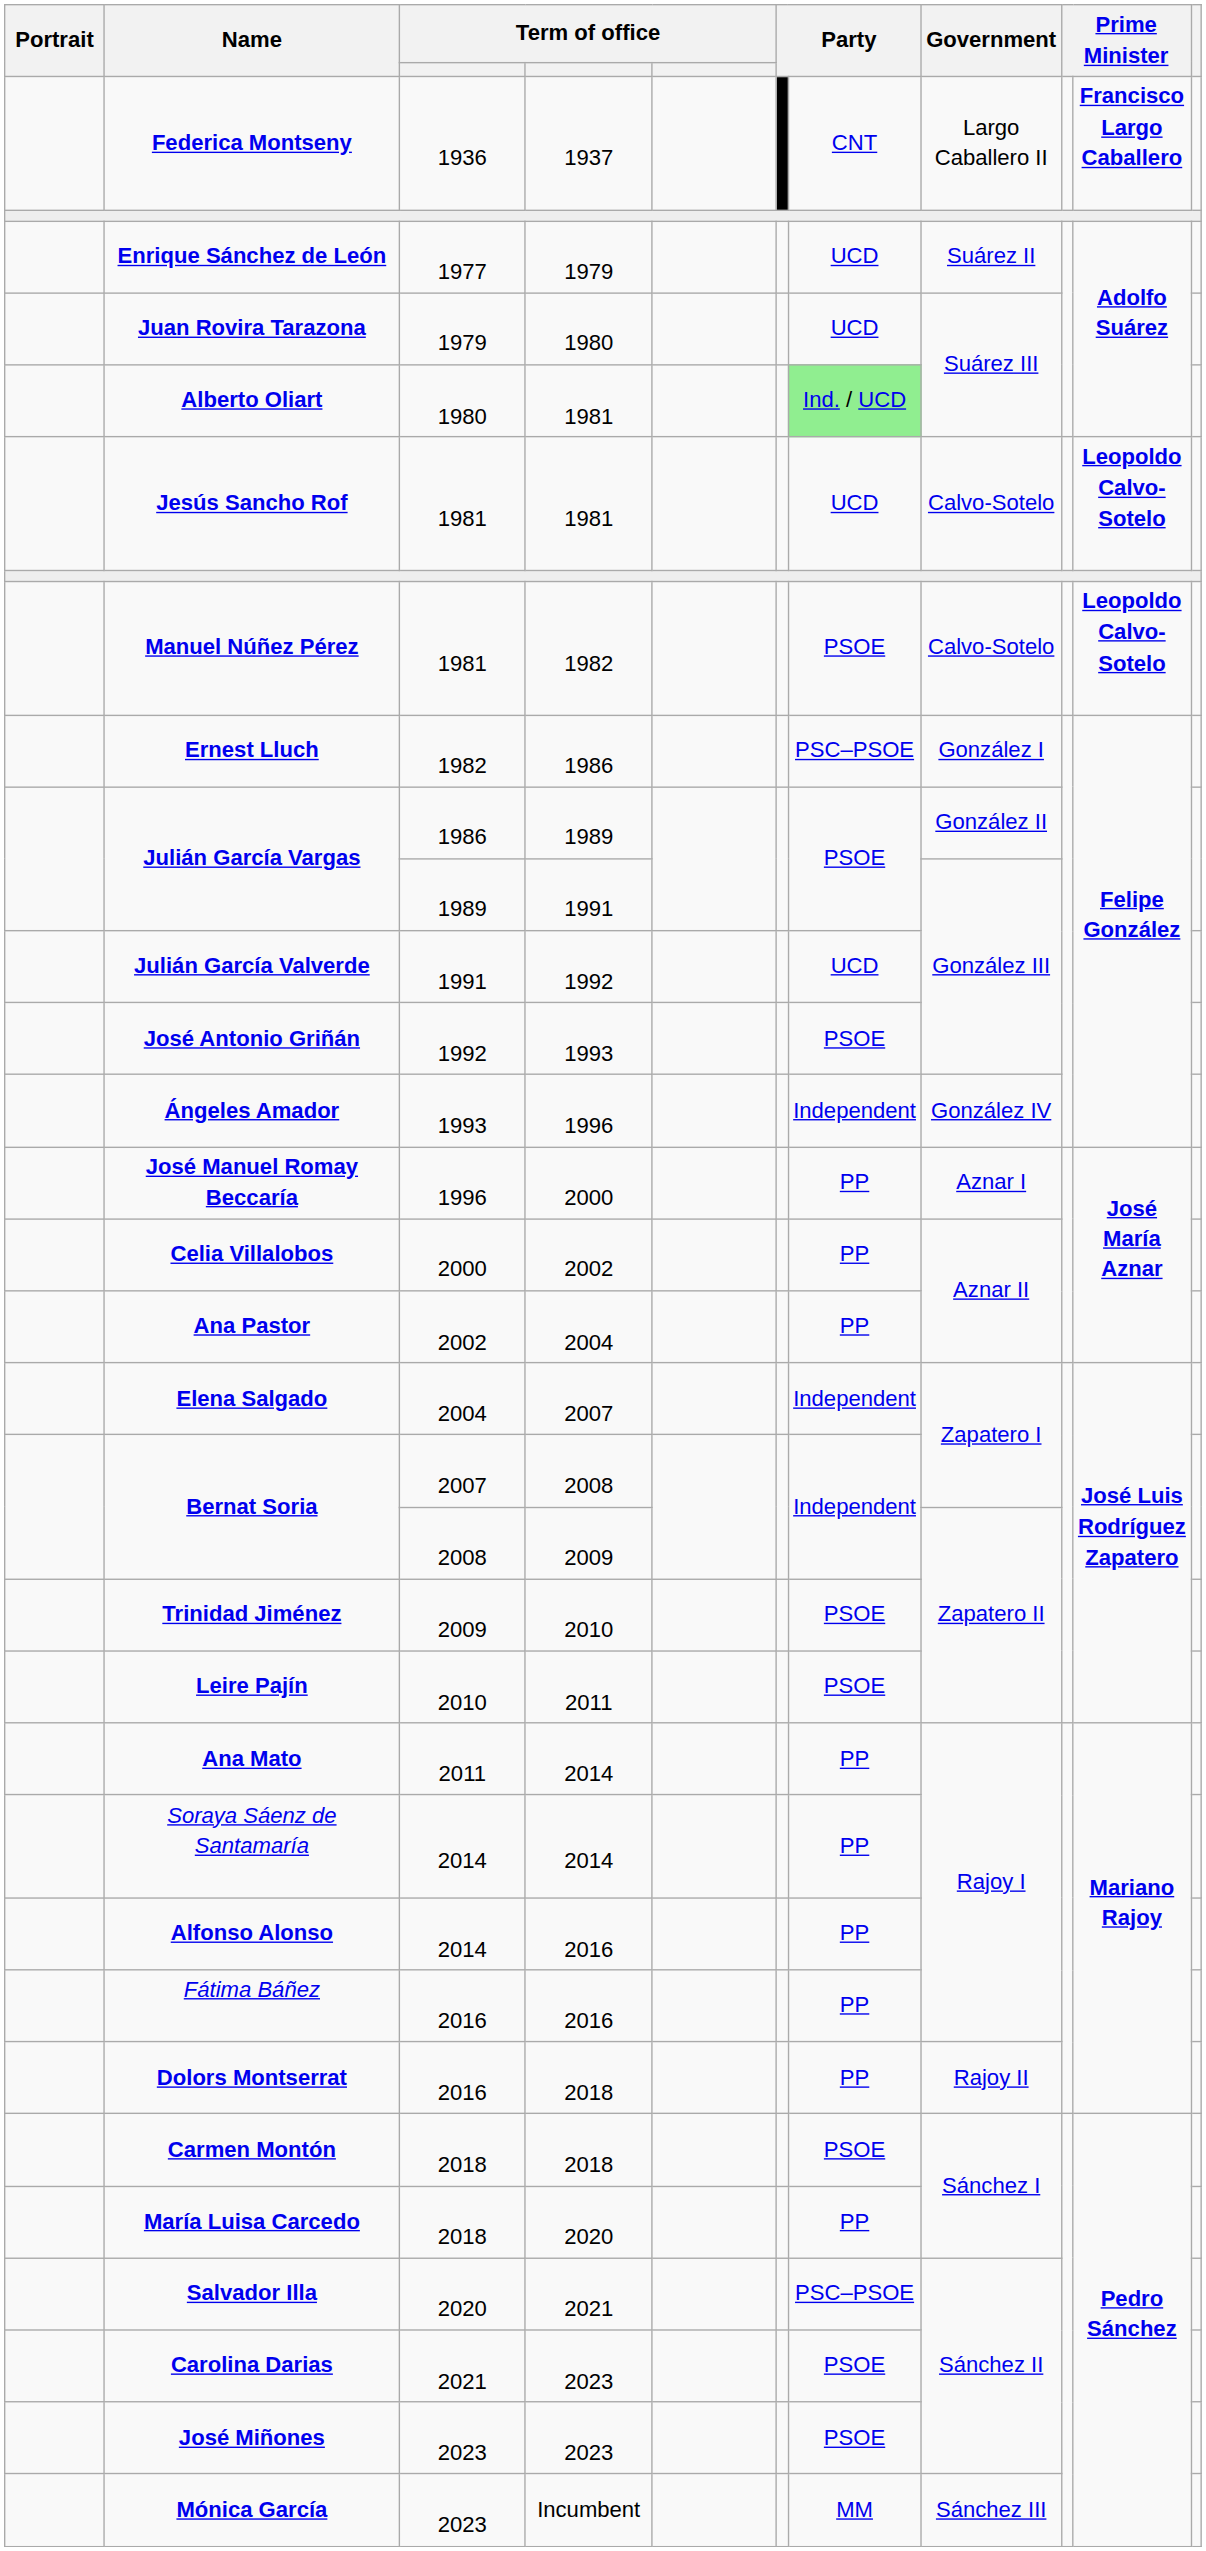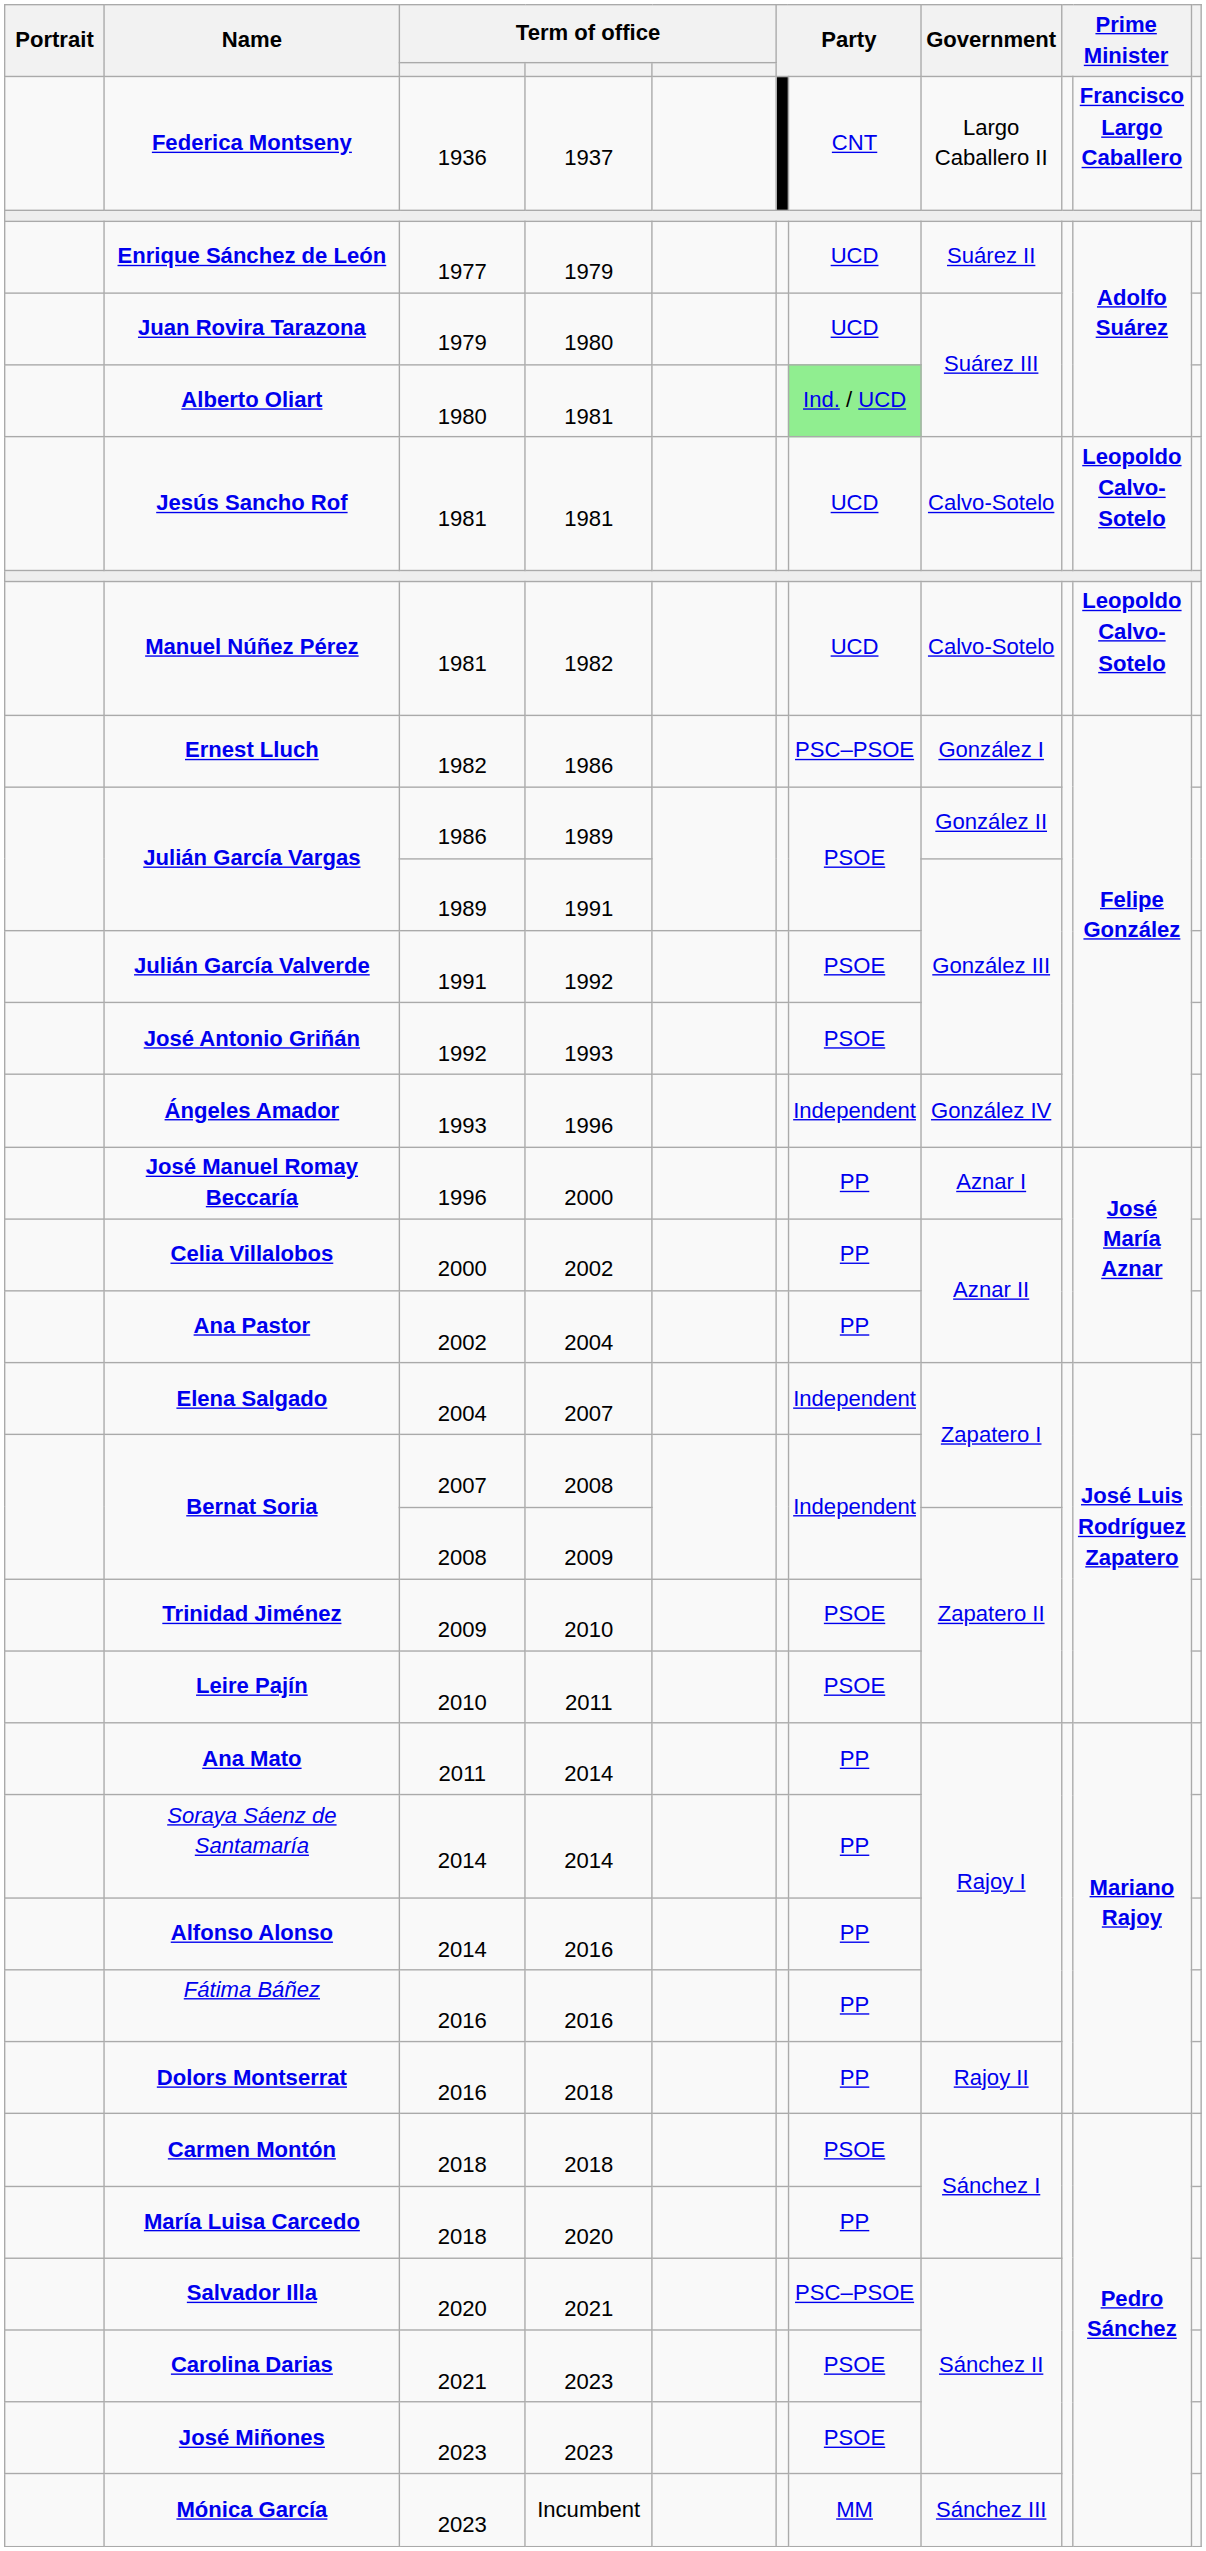 <table class="wikitable" style="line-height:1.4em; text-align:center; border:1px #aaf solid;">
 <tr>
 <th rowspan="2" width="65">Portrait</th>
 <th rowspan="2" width="210">Name<br></th>
 <th colspan="3">Term of office</th>
 <th rowspan="2" colspan="2" width="90">Party</th>
 <th rowspan="2">Government</th>
 <th rowspan="2" colspan="2"><a href='#'>Prime Minister</a><br></th>
 <th rowspan="2"></th>
 </tr>
 <tr>
 <th width="85"></th>
 <th width="85"></th>
 <th width="85"></th>
 </tr>
 <tr>
 <td></td>
 <td><strong><a href='#'>Federica Montseny</a></strong><br></td>
 <td class="nowrap"><br>1936</td>
 <td class="nowrap"><br>1937</td>
 <td style="font-size:95%;"></td>
 <td width="1" style="background:black;"></td>
 <td><a href='#'>CNT</a></td>
 <td>Largo Caballero II</td>
 <td width="1" style="color:inherit;background:"></td>
 <td><strong><a href='#'>Francisco<br>Largo Caballero</a></strong><br><br></td>
 <td align="center"><br></td>
 </tr>
 <tr>
 <td colspan="11" style="background:#EEEEEE;"></td>
 </tr>
 <tr>
 <td></td>
 <td><strong><a href='#'>Enrique Sánchez de León</a></strong><br></td>
 <td class="nowrap"><br>1977</td>
 <td class="nowrap"><br>1979</td>
 <td style="font-size:95%;"></td>
 <td style="color:inherit;background:"></td>
 <td><a href='#'>UCD</a></td>
 <td><a href='#'>Suárez II</a></td>
 <td rowspan="3" style="color:inherit;background:"></td>
 <td rowspan="3"><strong><a href='#'>Adolfo Suárez</a></strong><br><br></td>
 <td align="center"><br></td>
 </tr>
 <tr>
 <td></td>
 <td><strong><a href='#'>Juan Rovira Tarazona</a></strong><br></td>
 <td class="nowrap"><br>1979</td>
 <td class="nowrap"><br>1980</td>
 <td style="font-size:95%;"></td>
 <td style="color:inherit;background:"></td>
 <td><a href='#'>UCD</a></td>
 <td rowspan="2"><a href='#'>Suárez III</a></td>
 <td align="center"><br></td>
 </tr>
 <tr>
 <td></td>
 <td><strong><a href='#'>Alberto Oliart</a></strong><br></td>
 <td class="nowrap"><br>1980</td>
 <td class="nowrap"><br>1981</td>
 <td style="font-size:95%;"></td>
 <td style="color:inherit;background:"></td>
 <td style="background: lightgreen;"><a href='#'>Ind.</a> / <a href='#'>UCD</a></td>
 <td align="center"><br></td>
 </tr>
 <tr>
 <td></td>
 <td><strong><a href='#'>Jesús Sancho Rof</a></strong><br></td>
 <td class="nowrap"><br>1981</td>
 <td class="nowrap"><br>1981</td>
 <td style="font-size:95%;"></td>
 <td style="color:inherit;background:"></td>
 <td><a href='#'>UCD</a></td>
 <td><a href='#'>Calvo-Sotelo</a></td>
 <td style="color:inherit;background:"></td>
 <td><strong><a href='#'>Leopoldo Calvo-Sotelo</a></strong><br><br></td>
 <td align="center"><br></td>
 </tr>
 <tr>
 <td colspan="11" style="background:#EEEEEE;"></td>
 </tr>
 <tr>
 <td></td>
 <td><strong><a href='#'>Manuel Núñez Pérez</a></strong><br></td>
 <td class="nowrap"><br>1981</td>
 <td class="nowrap"><br>1982</td>
 <td style="font-size:95%;"></td>
 <td style="color:inherit;background:"></td>
-<td><a href='#'>PSOE</a></td>
+<td><a href='#'>UCD</a></td>
 <td><a href='#'>Calvo-Sotelo</a></td>
 <td style="color:inherit;background:"></td>
 <td><strong><a href='#'>Leopoldo Calvo-Sotelo</a></strong><br><br></td>
 <td align="center"><br></td>
 </tr>
 <tr>
 <td></td>
 <td><strong><a href='#'>Ernest Lluch</a></strong><br></td>
 <td class="nowrap"><br>1982</td>
 <td class="nowrap"><br>1986</td>
 <td style="font-size:95%;"></td>
 <td style="color:inherit;background:"></td>
 <td><a href='#'>PSC–PSOE</a></td>
 <td><a href='#'>González I</a></td>
 <td rowspan="6" style="color:inherit;background:"></td>
 <td rowspan="6"><strong><a href='#'>Felipe González</a></strong><br><br></td>
 <td align="center"><br></td>
 </tr>
 <tr>
 <td rowspan="2"></td>
 <td rowspan="2"><strong><a href='#'>Julián García Vargas</a></strong><br></td>
 <td class="nowrap"><br>1986</td>
 <td class="nowrap"><br>1989</td>
 <td rowspan="2" style="font-size:95%;"></td>
 <td rowspan="2" style="color:inherit;background:"></td>
 <td rowspan="2"><a href='#'>PSOE</a></td>
 <td><a href='#'>González II</a></td>
 <td rowspan="2" align="center"><br><br></td>
 </tr>
 <tr>
 <td class="nowrap"><br>1989</td>
 <td class="nowrap"><br>1991</td>
 <td rowspan="3"><a href='#'>González III</a></td>
 </tr>
 <tr>
 <td></td>
 <td><strong><a href='#'>Julián García Valverde</a></strong><br></td>
 <td class="nowrap"><br>1991</td>
 <td class="nowrap"><br>1992</td>
 <td style="font-size:95%;"></td>
 <td style="color:inherit;background:"></td>
-<td><a href='#'>UCD</a></td>
+<td><a href='#'>PSOE</a></td>
 <td align="center"><br></td>
 </tr>
 <tr>
 <td></td>
 <td><strong><a href='#'>José Antonio Griñán</a></strong><br></td>
 <td class="nowrap"><br>1992</td>
 <td class="nowrap"><br>1993</td>
 <td style="font-size:95%;"></td>
 <td style="color:inherit;background:"></td>
 <td><a href='#'>PSOE</a></td>
 <td align="center"><br></td>
 </tr>
 <tr>
 <td></td>
 <td><strong><a href='#'>Ángeles Amador</a></strong><br></td>
 <td class="nowrap"><br>1993</td>
 <td class="nowrap"><br>1996</td>
 <td style="font-size:95%;"></td>
 <td style="color:inherit;background:"></td>
 <td><a href='#'>Independent</a></td>
 <td><a href='#'>González IV</a></td>
 <td align="center"><br></td>
 </tr>
 <tr>
 <td></td>
 <td><strong><a href='#'>José Manuel Romay Beccaría</a></strong><br></td>
 <td class="nowrap"><br>1996</td>
 <td class="nowrap"><br>2000</td>
 <td style="font-size:95%;"></td>
 <td style="color:inherit;background:"></td>
 <td><a href='#'>PP</a></td>
 <td><a href='#'>Aznar I</a></td>
 <td rowspan="3" style="color:inherit;background:"></td>
 <td rowspan="3"><strong><a href='#'>José María Aznar</a></strong><br><br></td>
 <td align="center"><br></td>
 </tr>
 <tr>
 <td></td>
 <td><strong><a href='#'>Celia Villalobos</a></strong><br></td>
 <td class="nowrap"><br>2000</td>
 <td class="nowrap"><br>2002</td>
 <td style="font-size:95%;"></td>
 <td style="color:inherit;background:"></td>
 <td><a href='#'>PP</a></td>
 <td rowspan="2"><a href='#'>Aznar II</a></td>
 <td align="center"><br></td>
 </tr>
 <tr>
 <td></td>
 <td><strong><a href='#'>Ana Pastor</a></strong><br></td>
 <td class="nowrap"><br>2002</td>
 <td class="nowrap"><br>2004</td>
 <td style="font-size:95%;"></td>
 <td style="color:inherit;background:"></td>
 <td><a href='#'>PP</a></td>
 <td align="center"><br></td>
 </tr>
 <tr>
 <td></td>
 <td><strong><a href='#'>Elena Salgado</a></strong><br></td>
 <td class="nowrap"><br>2004</td>
 <td class="nowrap"><br>2007</td>
 <td style="font-size:95%;"></td>
 <td style="color:inherit;background:"></td>
 <td><a href='#'>Independent</a></td>
 <td rowspan="2"><a href='#'>Zapatero I</a></td>
 <td rowspan="5" style="color:inherit;background:"></td>
 <td rowspan="5"><strong><a href='#'>José Luis<br>Rodríguez Zapatero</a></strong><br><br></td>
 <td align="center"><br></td>
 </tr>
 <tr>
 <td rowspan="2"></td>
 <td rowspan="2"><strong><a href='#'>Bernat Soria</a></strong><br></td>
 <td class="nowrap"><br>2007</td>
 <td class="nowrap"><br>2008</td>
 <td rowspan="2" style="font-size:95%;"></td>
 <td rowspan="2" style="color:inherit;background:"></td>
 <td rowspan="2"><a href='#'>Independent</a></td>
 <td rowspan="2" align="center"><br><br></td>
 </tr>
 <tr>
 <td class="nowrap"><br>2008</td>
 <td class="nowrap"><br>2009</td>
 <td rowspan="3"><a href='#'>Zapatero II</a></td>
 </tr>
 <tr>
 <td></td>
 <td><strong><a href='#'>Trinidad Jiménez</a></strong><br></td>
 <td class="nowrap"><br>2009</td>
 <td class="nowrap"><br>2010</td>
 <td style="font-size:95%;"></td>
 <td style="color:inherit;background:"></td>
 <td><a href='#'>PSOE</a></td>
 <td align="center"><br></td>
 </tr>
 <tr>
 <td></td>
 <td><strong><a href='#'>Leire Pajín</a></strong><br></td>
 <td class="nowrap"><br>2010</td>
 <td class="nowrap"><br>2011</td>
 <td style="font-size:95%;"></td>
 <td style="color:inherit;background:"></td>
 <td><a href='#'>PSOE</a></td>
 <td align="center"><br></td>
 </tr>
 <tr>
 <td></td>
 <td><strong><a href='#'>Ana Mato</a></strong><br></td>
 <td class="nowrap"><br>2011</td>
 <td class="nowrap"><br>2014</td>
 <td style="font-size:95%;"></td>
 <td style="color:inherit;background:"></td>
 <td><a href='#'>PP</a></td>
 <td rowspan="4"><a href='#'>Rajoy I</a></td>
 <td rowspan="5" style="color:inherit;background:"></td>
 <td rowspan="5"><strong><a href='#'>Mariano Rajoy</a></strong><br><br></td>
 <td align="center"><br></td>
 </tr>
 <tr>
 <td></td>
 <td><em><a href='#'>Soraya Sáenz de Santamaría</a><br></em><br></td>
 <td class="nowrap"><br>2014</td>
 <td class="nowrap"><br>2014</td>
 <td style="font-size:95%;"></td>
 <td style="color:inherit;background:"></td>
 <td><a href='#'>PP</a></td>
 <td align="center"></td>
 </tr>
 <tr>
 <td></td>
 <td><strong><a href='#'>Alfonso Alonso</a></strong><br></td>
 <td class="nowrap"><br>2014</td>
 <td class="nowrap"><br>2016</td>
 <td style="font-size:95%;"></td>
 <td style="color:inherit;background:"></td>
 <td><a href='#'>PP</a></td>
 <td align="center"><br></td>
 </tr>
 <tr>
 <td></td>
 <td><em><a href='#'>Fátima Báñez</a><br></em><br></td>
 <td class="nowrap"><br>2016</td>
 <td class="nowrap"><br>2016</td>
 <td style="font-size:95%;"></td>
 <td style="color:inherit;background:"></td>
 <td><a href='#'>PP</a></td>
 <td align="center"></td>
 </tr>
 <tr>
 <td></td>
 <td><strong><a href='#'>Dolors Montserrat</a></strong><br></td>
 <td class="nowrap"><br>2016</td>
 <td class="nowrap"><br>2018</td>
 <td style="font-size:95%;"></td>
 <td style="color:inherit;background:"></td>
 <td><a href='#'>PP</a></td>
 <td><a href='#'>Rajoy II</a></td>
 <td align="center"><br></td>
 </tr>
 <tr>
 <td></td>
 <td><strong><a href='#'>Carmen Montón</a></strong><br></td>
 <td class="nowrap"><br>2018</td>
 <td class="nowrap"><br>2018</td>
 <td style="font-size:95%;"></td>
 <td style="color:inherit;background:"></td>
 <td><a href='#'>PSOE</a></td>
 <td rowspan="2"><a href='#'>Sánchez I</a></td>
 <td rowspan="6" style="color:inherit;background:"></td>
 <td rowspan="6"><strong><a href='#'>Pedro Sánchez</a></strong><br><br></td>
 <td align="center"><br></td>
 </tr>
 <tr>
 <td></td>
 <td><strong><a href='#'>María Luisa Carcedo</a></strong><br></td>
 <td class="nowrap"><br>2018</td>
 <td class="nowrap"><br>2020</td>
 <td style="font-size:95%;"></td>
 <td style="color:inherit;background:"></td>
 <td><a href='#'>PP</a></td>
 <td align="center"><br></td>
 </tr>
 <tr>
 <td></td>
 <td><strong><a href='#'>Salvador Illa</a></strong><br></td>
 <td class="nowrap"><br>2020</td>
 <td class="nowrap"><br>2021</td>
 <td style="font-size:95%;"></td>
 <td style="color:inherit;background-color:"></td>
 <td><a href='#'>PSC–PSOE</a></td>
 <td rowspan="3"><a href='#'>Sánchez II</a></td>
 <td align="center"><br></td>
 </tr>
 <tr>
 <td></td>
 <td><strong><a href='#'>Carolina Darias</a></strong><br></td>
 <td class="nowrap"><br>2021</td>
 <td class="nowrap"><br>2023</td>
 <td style="font-size:95%;"></td>
 <td style="color:inherit;background:"></td>
 <td><a href='#'>PSOE</a></td>
 <td align="center"><br></td>
 </tr>
 <tr>
 <td></td>
 <td><strong><a href='#'>José Miñones</a></strong><br></td>
 <td class="nowrap"><br>2023</td>
 <td class="nowrap"><br>2023</td>
 <td style="font-size:95%;"></td>
 <td style="color:inherit;background:"></td>
 <td><a href='#'>PSOE</a></td>
 <td><br></td>
 </tr>
 <tr>
 <td></td>
 <td><strong><a href='#'>Mónica García</a></strong><br></td>
 <td class="nowrap"><br>2023</td>
 <td class="nowrap">Incumbent</td>
 <td style="font-size:95%;"></td>
 <td style="color:inherit;background:"></td>
 <td><a href='#'>MM</a></td>
 <td><a href='#'>Sánchez III</a></td>
 <td align="center"></td>
 </tr>
 </table>
